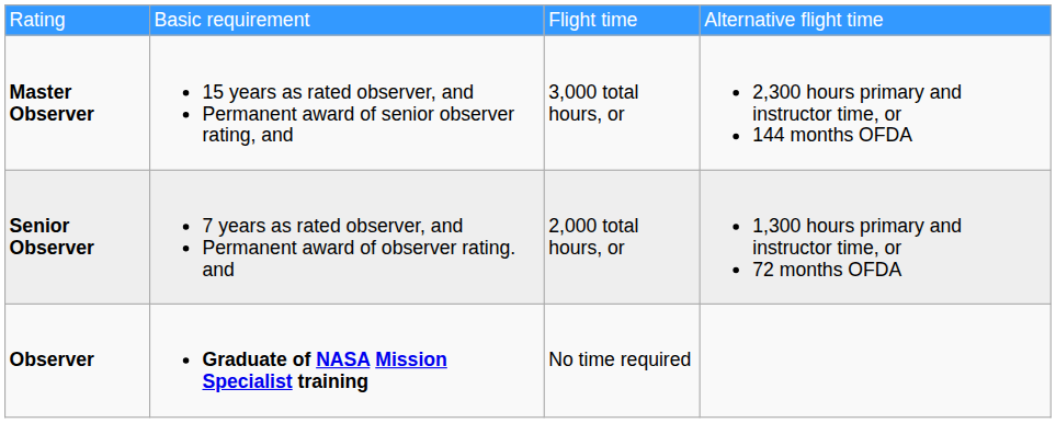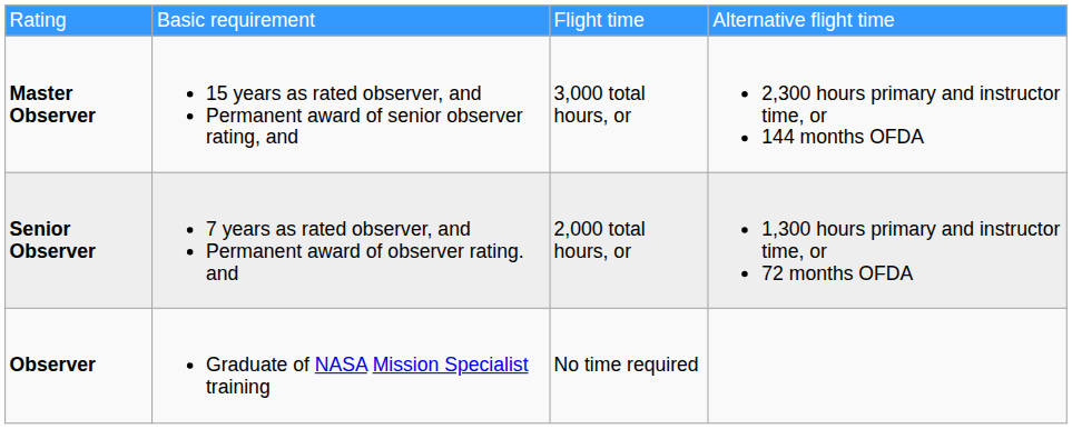 <table class="wikitable">
 <tr>
 <td style="background-color:#3399ff; color:white;">Rating</td>
 <td style="background-color:#3399ff; color:white;">Basic requirement</td>
 <td style="background-color:#3399ff; color:white;">Flight time</td>
 <td style="background-color:#3399ff; color:white;">Alternative flight time</td>
 </tr>
 <tr>
 <td><strong>Master Observer</strong></td>
 <td><br><ul><li>15 years as rated observer, and</li><li>Permanent award of senior observer rating, and</li></ul></td>
 <td>3,000 total hours, or</td>
 <td><br><ul><li>2,300 hours primary and instructor time, or</li><li>144 months OFDA</li></ul></td>
 </tr>
 <tr style="background-color:#eeeeee;">
 <td><strong>Senior Observer</strong></td>
 <td><br><ul><li>7 years as rated observer, and</li><li>Permanent award of observer rating. and</li></ul></td>
 <td>2,000 total hours, or</td>
 <td><br><ul><li>1,300 hours primary and instructor time, or</li><li>72 months OFDA</li></ul></td>
 </tr>
 <tr>
 <td><strong>Observer</strong></td>
-<td><strong><br><ul><li>Graduate of <a href='#'>NASA</a> <a href='#'>Mission Specialist</a> training</li></ul></strong></td>
+<td><br><ul><li>Graduate of <a href='#'>NASA</a> <a href='#'>Mission Specialist</a> training</li></ul></td>
 <td>No time required</td>
 <td></td>
 </tr>
 </table>
